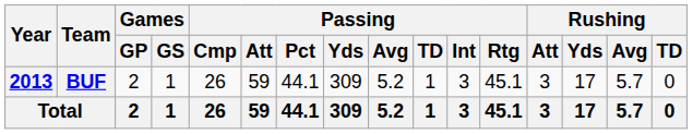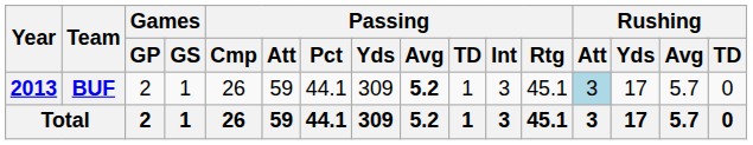 <table class=wikitable style="text-align:center;">
 <tr>
 <th rowspan="2">Year</th>
 <th rowspan="2">Team</th>
 <th colspan="2">Games</th>
 <th colspan="8">Passing</th>
 <th colspan="4">Rushing</th>
 </tr>
 <tr>
 <th>GP</th>
 <th>GS</th>
 <th>Cmp</th>
 <th>Att</th>
 <th>Pct</th>
 <th>Yds</th>
 <th>Avg</th>
 <th>TD</th>
 <th>Int</th>
 <th>Rtg</th>
 <th>Att</th>
 <th>Yds</th>
 <th>Avg</th>
 <th>TD</th>
 </tr>
 <tr>
 <th><a href='#'>2013</a></th>
 <th><a href='#'>BUF</a></th>
 <td>2</td>
 <td>1</td>
 <td>26</td>
 <td>59</td>
 <td>44.1</td>
 <td>309</td>
-<td>5.2</td>
+<td><strong>5.2</strong></td>
 <td>1</td>
 <td>3</td>
 <td>45.1</td>
-<td>3</td>
+<td style="background: lightblue;">3</td>
 <td>17</td>
 <td>5.7</td>
 <td>0</td>
 </tr>
 <tr>
 <th colspan="2">Total</th>
 <th>2</th>
 <th>1</th>
 <th>26</th>
 <th>59</th>
 <th>44.1</th>
 <th>309</th>
 <th>5.2</th>
 <th>1</th>
 <th>3</th>
 <th>45.1</th>
 <th>3</th>
 <th>17</th>
 <th>5.7</th>
 <th>0</th>
 </tr>
 </table>
